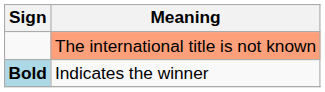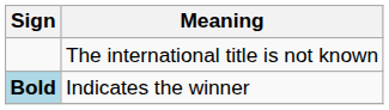 <table class="wikitable">
 <tr>
 <th>Sign</th>
 <th>Meaning</th>
 </tr>
 <tr>
 <td></td>
-<td style="background: lightsalmon;">The international title is not known</td>
+<td>The international title is not known</td>
 </tr>
 <tr>
 <td style="background-color:lightblue"><strong>Bold</strong></td>
 <td>Indicates the winner</td>
 </tr>
 <tr>
 </tr>
 </table>
